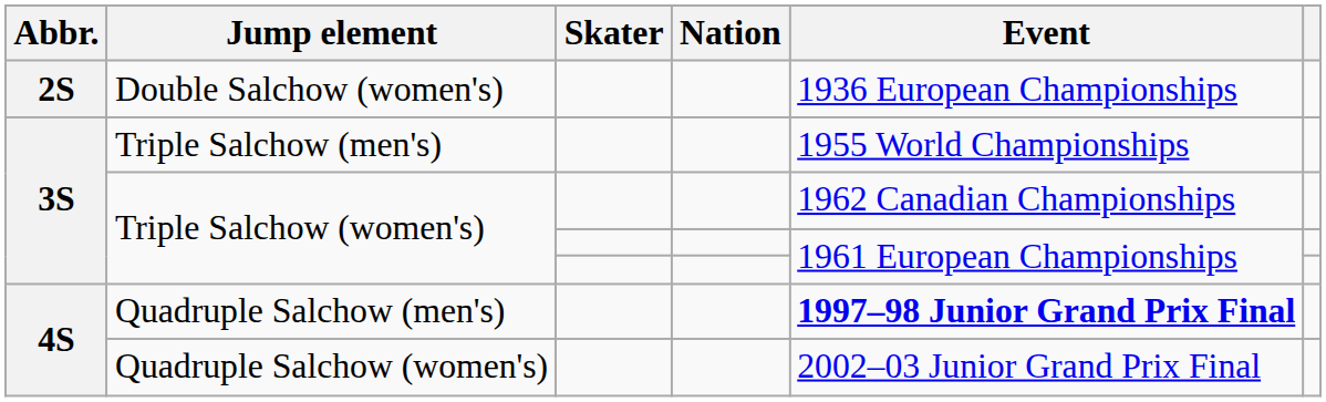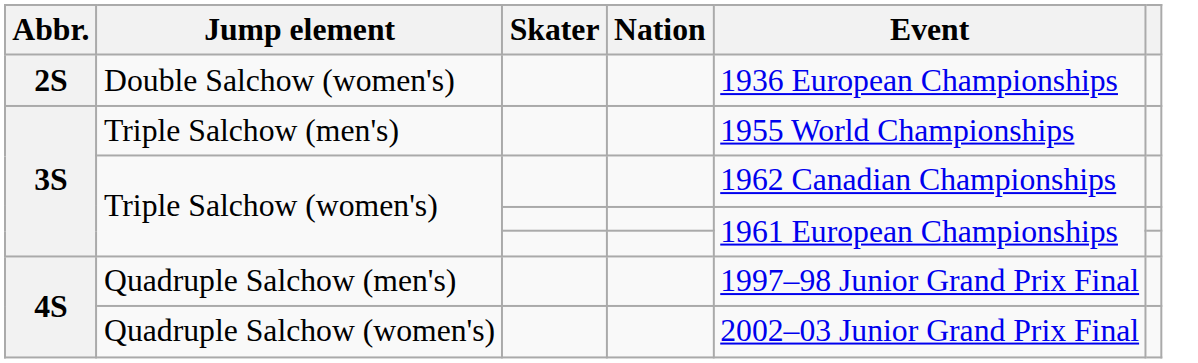 <table class="wikitable sortable">
 <tr>
 <th scope=col>Abbr.</th>
 <th scope=col>Jump element</th>
 <th scope=col>Skater</th>
 <th scope=col>Nation</th>
 <th scope=col>Event</th>
 <th scope=col class="unsortable"></th>
 </tr>
 <tr>
 <th scope=row>2S</th>
 <td>Double Salchow (women's)</td>
 <td></td>
 <td></td>
 <td><a href='#'>1936 European Championships</a></td>
 <td></td>
 </tr>
 <tr>
 <th scope=row rowspan=4>3S</th>
 <td>Triple Salchow (men's)</td>
 <td></td>
 <td></td>
 <td><a href='#'>1955 World Championships</a></td>
 <td></td>
 </tr>
 <tr>
 <td rowspan="3">Triple Salchow (women's)</td>
 <td></td>
 <td></td>
 <td><a href='#'>1962 Canadian Championships</a></td>
 <td></td>
 </tr>
 <tr>
 <td></td>
 <td></td>
 <td rowspan="2"><a href='#'>1961 European Championships</a></td>
 <td></td>
 </tr>
 <tr>
 <td></td>
 <td></td>
 <td></td>
 </tr>
 <tr>
 <th scope=row rowspan=2>4S</th>
 <td>Quadruple Salchow (men's)</td>
 <td></td>
 <td></td>
-<td><strong><a href='#'>1997–98 Junior Grand Prix Final</a></strong></td>
+<td><a href='#'>1997–98 Junior Grand Prix Final</a></td>
 <td></td>
 </tr>
 <tr>
 <td>Quadruple Salchow (women's)</td>
 <td></td>
 <td></td>
 <td><a href='#'>2002–03 Junior Grand Prix Final</a></td>
 <td></td>
 </tr>
 </table>
